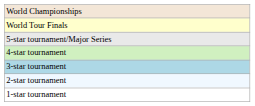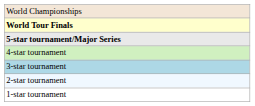 <table class=wikitable style=font-size:85%;width:20%>
 <tr bgcolor=#F3E6D7>
 <td>World Championships</td>
 </tr>
 <tr bgcolor=#ffffcc>
-<td>World Tour Finals</td>
+<td><strong>World Tour Finals</strong></td>
 </tr>
 <tr bgcolor=#E9E9E9>
-<td>5-star tournament/Major Series</td>
+<td><strong>5-star tournament/Major Series</strong></td>
 </tr>
 <tr bgcolor=#d0f0c0>
 <td>4-star tournament</td>
 </tr>
 <tr bgcolor=lightblue>
 <td>3-star tournament</td>
 </tr>
 <tr bgcolor=#f0f8ff>
 <td>2-star tournament</td>
 </tr>
 <tr bgcolor=#ffffff>
 <td>1-star tournament</td>
 </tr>
 </table>
